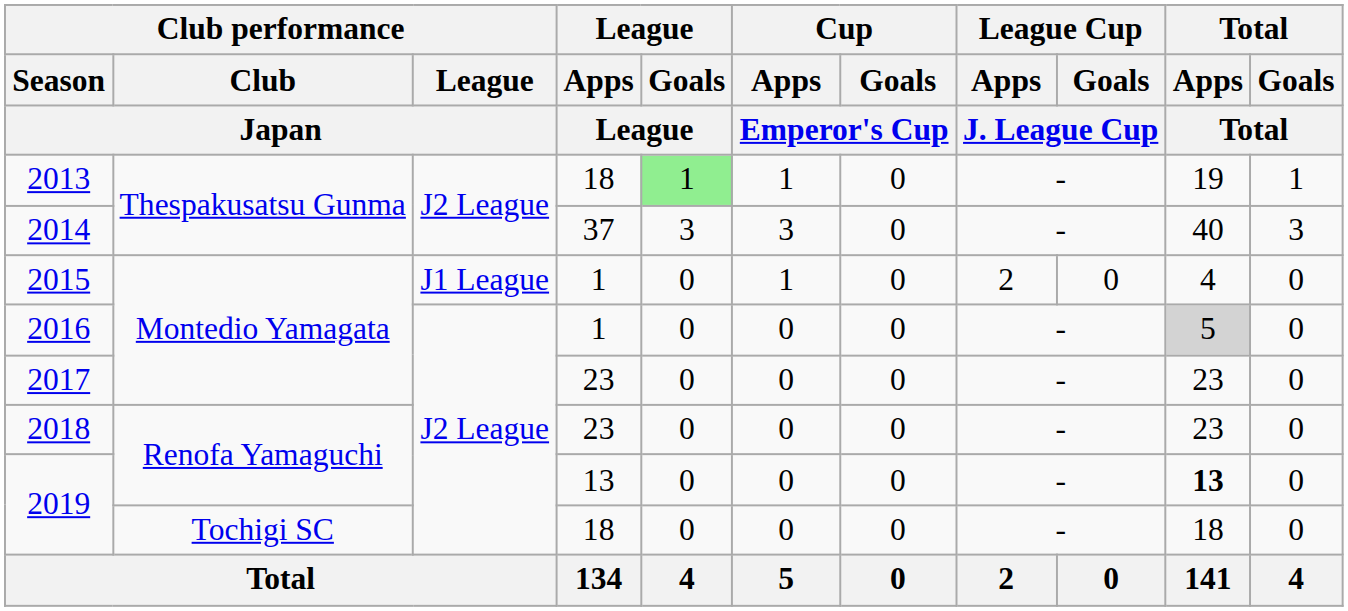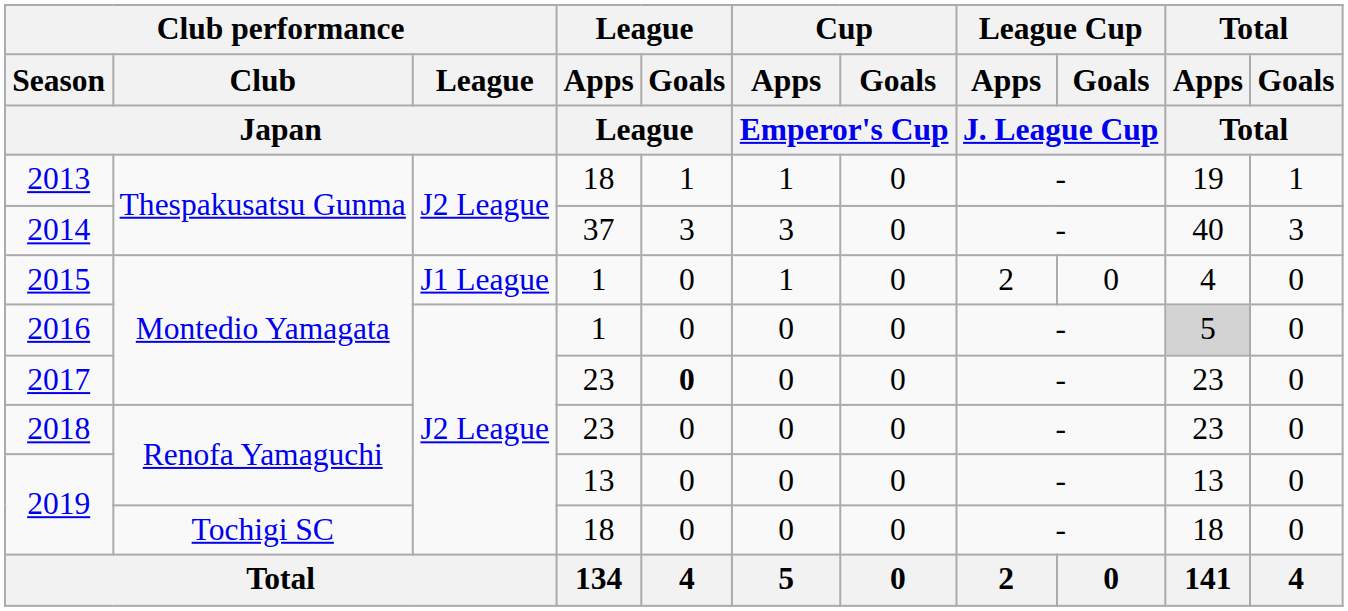 <table class="wikitable" style="text-align:center;">
 <tr>
 <th colspan=3>Club performance</th>
 <th colspan=2>League</th>
 <th colspan=2>Cup</th>
 <th colspan=2>League Cup</th>
 <th colspan=2>Total</th>
 </tr>
 <tr>
 <th>Season</th>
 <th>Club</th>
 <th>League</th>
 <th>Apps</th>
 <th>Goals</th>
 <th>Apps</th>
 <th>Goals</th>
 <th>Apps</th>
 <th>Goals</th>
 <th>Apps</th>
 <th>Goals</th>
 </tr>
 <tr>
 <th colspan=3>Japan</th>
 <th colspan=2>League</th>
 <th colspan=2><a href='#'>Emperor's Cup</a></th>
 <th colspan=2><a href='#'>J. League Cup</a></th>
 <th colspan=2>Total</th>
 </tr>
 <tr>
 <td><a href='#'>2013</a></td>
 <td rowspan="2"><a href='#'>Thespakusatsu Gunma</a></td>
 <td rowspan="2"><a href='#'>J2 League</a></td>
 <td>18</td>
-<td style="background: lightgreen;">1</td>
+<td>1</td>
 <td>1</td>
 <td>0</td>
 <td colspan="2">-</td>
 <td>19</td>
 <td>1</td>
 </tr>
 <tr>
 <td><a href='#'>2014</a></td>
 <td>37</td>
 <td>3</td>
 <td>3</td>
 <td>0</td>
 <td colspan="2">-</td>
 <td>40</td>
 <td>3</td>
 </tr>
 <tr>
 <td><a href='#'>2015</a></td>
 <td rowspan="3"><a href='#'>Montedio Yamagata</a></td>
 <td><a href='#'>J1 League</a></td>
 <td>1</td>
 <td>0</td>
 <td>1</td>
 <td>0</td>
 <td>2</td>
 <td>0</td>
 <td>4</td>
 <td>0</td>
 </tr>
 <tr>
 <td><a href='#'>2016</a></td>
 <td rowspan="5"><a href='#'>J2 League</a></td>
 <td>1</td>
 <td>0</td>
 <td>0</td>
 <td>0</td>
 <td colspan="2">-</td>
 <td style="background: lightgrey;">5</td>
 <td>0</td>
 </tr>
 <tr>
 <td><a href='#'>2017</a></td>
 <td>23</td>
-<td>0</td>
+<td><strong>0</strong></td>
 <td>0</td>
 <td>0</td>
 <td colspan="2">-</td>
 <td>23</td>
 <td>0</td>
 </tr>
 <tr>
 <td><a href='#'>2018</a></td>
 <td rowspan="2"><a href='#'>Renofa Yamaguchi</a></td>
 <td>23</td>
 <td>0</td>
 <td>0</td>
 <td>0</td>
 <td colspan="2">-</td>
 <td>23</td>
 <td>0</td>
 </tr>
 <tr>
 <td rowspan="2"><a href='#'>2019</a></td>
 <td>13</td>
 <td>0</td>
 <td>0</td>
 <td>0</td>
 <td colspan="2">-</td>
-<td><strong>13</strong></td>
+<td>13</td>
 <td>0</td>
 </tr>
 <tr>
 <td rowspan="1"><a href='#'>Tochigi SC</a></td>
 <td>18</td>
 <td>0</td>
 <td>0</td>
 <td>0</td>
 <td colspan="2">-</td>
 <td>18</td>
 <td>0</td>
 </tr>
 <tr>
 <th colspan=3>Total</th>
 <th>134</th>
 <th>4</th>
 <th>5</th>
 <th>0</th>
 <th>2</th>
 <th>0</th>
 <th>141</th>
 <th>4</th>
 </tr>
 </table>
